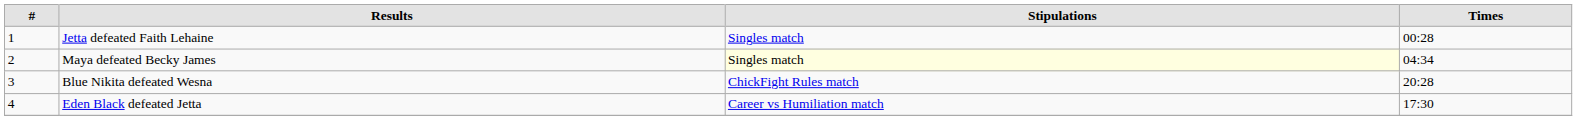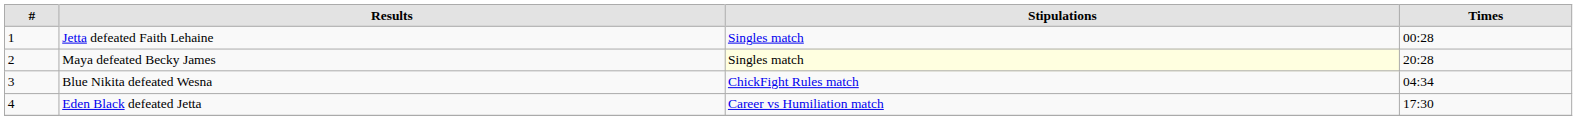 <table style="font-size: 85%; text-align: left;" class="wikitable sortable" width="100%">
 <tr>
 <th style="border-style: none none solid solid; background: #e3e3e3"><strong>#</strong></th>
 <th style="border-style: none none solid solid; background: #e3e3e3"><strong>Results</strong></th>
 <th style="border-style: none none solid solid; background: #e3e3e3"><strong>Stipulations</strong></th>
 <th style="border-style: none none solid solid; background: #e3e3e3"><strong>Times</strong></th>
 </tr>
 <tr>
 <td>1</td>
 <td><a href='#'>Jetta</a> defeated Faith Lehaine</td>
 <td><a href='#'>Singles match</a></td>
 <td>00:28</td>
 </tr>
 <tr>
 <td>2</td>
 <td>Maya defeated Becky James</td>
 <td style="background: lightyellow;">Singles match</td>
-<td>04:34</td>
+<td>20:28</td>
 </tr>
 <tr>
 <td>3</td>
 <td>Blue Nikita defeated Wesna</td>
 <td><a href='#'>ChickFight Rules match</a></td>
-<td>20:28</td>
+<td>04:34</td>
 </tr>
 <tr>
 <td>4</td>
 <td><a href='#'>Eden Black</a> defeated Jetta</td>
 <td><a href='#'>Career vs Humiliation match</a></td>
 <td>17:30</td>
 </tr>
 <tr>
 </tr>
 </table>
